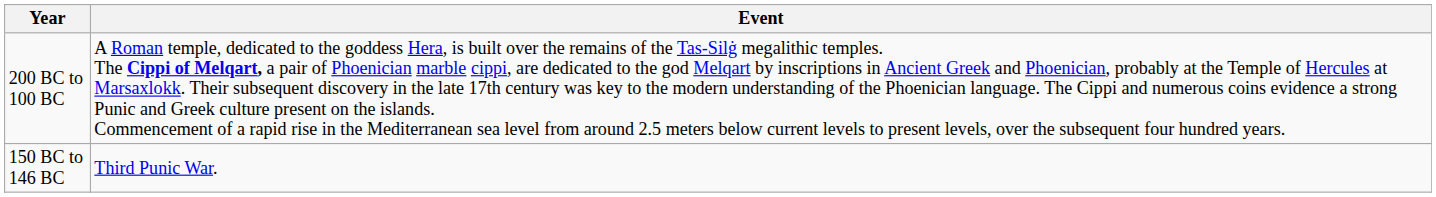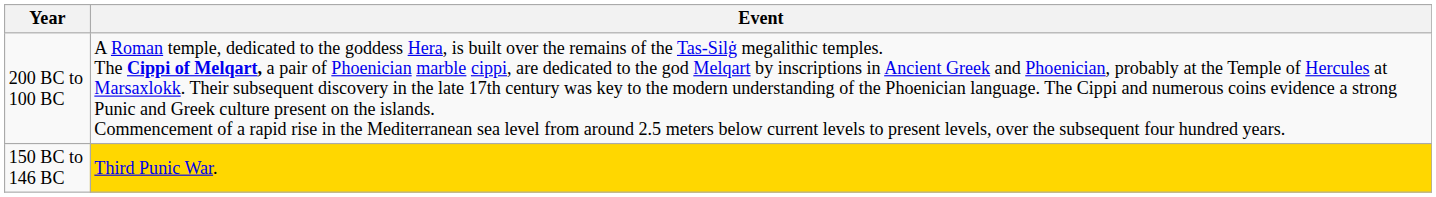 <table class="wikitable" width="100%">
 <tr>
 <th style="width:6%">Year</th>
 <th>Event</th>
 </tr>
 <tr>
 <td>200 BC to 100 BC</td>
 <td>A <a href='#'>Roman</a> temple, dedicated to the goddess <a href='#'>Hera</a>, is built over the remains of the <a href='#'>Tas-Silġ</a> megalithic temples.<br>The <strong><a href='#'>Cippi of Melqart</a>,</strong> a pair of <a href='#'>Phoenician</a> <a href='#'>marble</a> <a href='#'>cippi</a>, are dedicated to the god <a href='#'>Melqart</a> by inscriptions in <a href='#'>Ancient Greek</a> and <a href='#'>Phoenician</a>, probably at the Temple of <a href='#'>Hercules</a> at <a href='#'>Marsaxlokk</a>. Their subsequent discovery in the late 17th century was key to the modern understanding of the Phoenician language. The Cippi and numerous coins evidence a strong Punic and Greek culture present on the islands.<br>Commencement of a rapid rise in the Mediterranean sea level from around 2.5 meters below current levels to present levels, over the subsequent four hundred years.</td>
 </tr>
 <tr>
 <td>150 BC to 146 BC</td>
-<td><a href='#'>Third Punic War</a>.</td>
+<td style="background: gold;"><a href='#'>Third Punic War</a>.</td>
 </tr>
 </table>
